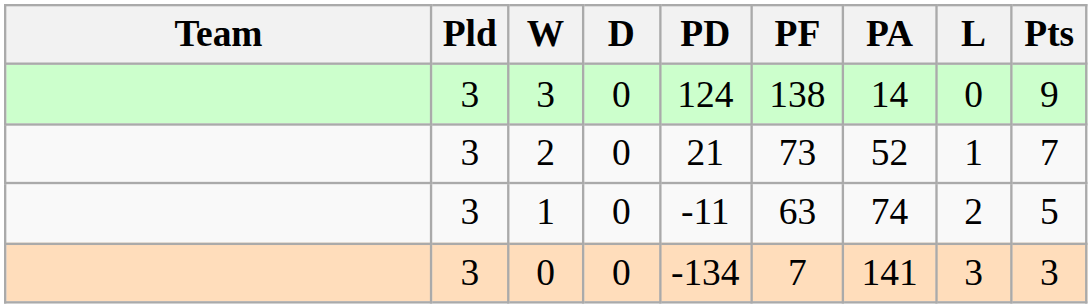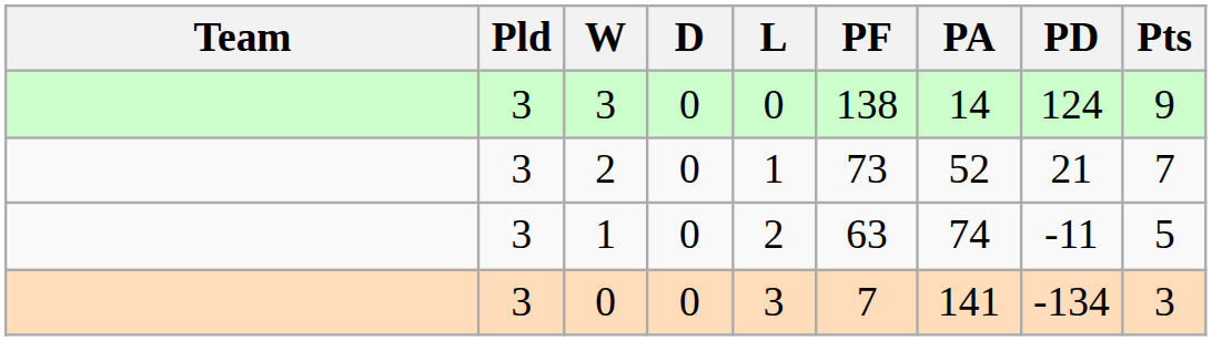 <table class="wikitable" style="text-align:center;">
 <tr>
 <th width=175>Team</th>
 <th width=25 abbr="Played">Pld</th>
 <th width=25 abbr="Won">W</th>
 <th width=25 abbr="Drawn">D</th>
-<th width=32 abbr="Points difference">PD</th>
+<th width=25 abbr="Lost">L</th>
 <th width=32 abbr="Points for">PF</th>
 <th width=32 abbr="Points against">PA</th>
-<th width=25 abbr="Lost">L</th>
+<th width=32 abbr="Points difference">PD</th>
 <th width=25 abbr="Points">Pts</th>
 </tr>
 <tr bgcolor="#ccffcc">
 <td align=left></td>
 <td>3</td>
 <td>3</td>
 <td>0</td>
-<td>124</td>
+<td>0</td>
 <td>138</td>
 <td>14</td>
-<td>0</td>
+<td>124</td>
 <td>9</td>
 </tr>
 <tr>
 <td align=left></td>
 <td>3</td>
 <td>2</td>
 <td>0</td>
-<td>21</td>
+<td>1</td>
 <td>73</td>
 <td>52</td>
-<td>1</td>
+<td>21</td>
 <td>7</td>
 </tr>
 <tr>
 <td align=left></td>
 <td>3</td>
 <td>1</td>
 <td>0</td>
-<td>-11</td>
+<td>2</td>
 <td>63</td>
 <td>74</td>
-<td>2</td>
+<td>-11</td>
 <td>5</td>
 </tr>
 <tr bgcolor="#ffddbb">
 <td align=left></td>
 <td>3</td>
 <td>0</td>
 <td>0</td>
-<td>-134</td>
+<td>3</td>
 <td>7</td>
 <td>141</td>
-<td>3</td>
+<td>-134</td>
 <td>3</td>
 </tr>
 </table>
